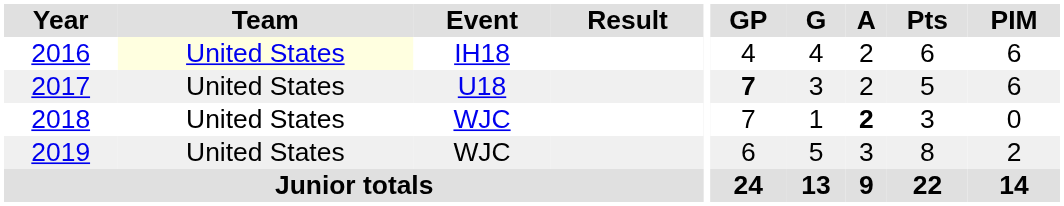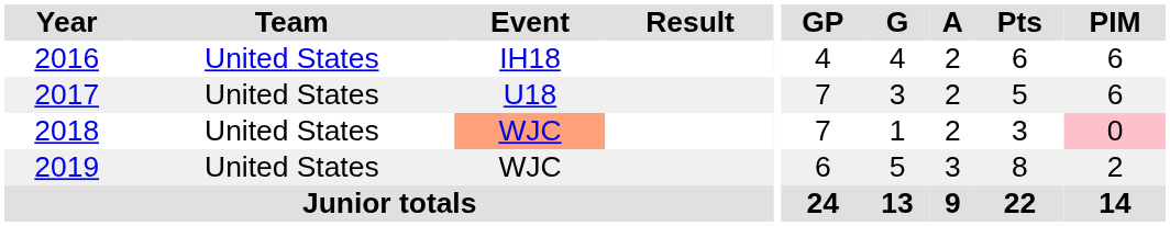 <table border="0" cellpadding="1" cellspacing="0" ID="Table3" style="text-align:center; width:40em;">
 <tr bgcolor="#e0e0e0">
 <th>Year</th>
 <th>Team</th>
 <th>Event</th>
 <th>Result</th>
 <th rowspan="99" bgcolor="#ffffff"></th>
 <th>GP</th>
 <th>G</th>
 <th>A</th>
 <th>Pts</th>
 <th>PIM</th>
 </tr>
 <tr>
 <td><a href='#'>2016</a></td>
-<td style="background: lightyellow;"><a href='#'>United States</a></td>
+<td><a href='#'>United States</a></td>
 <td><a href='#'>IH18</a></td>
 <td></td>
 <td>4</td>
 <td>4</td>
 <td>2</td>
 <td>6</td>
 <td>6</td>
 </tr>
 <tr bgcolor="#f0f0f0">
 <td><a href='#'>2017</a></td>
 <td>United States</td>
 <td><a href='#'>U18</a></td>
 <td></td>
-<td><strong>7</strong></td>
+<td>7</td>
 <td>3</td>
 <td>2</td>
 <td>5</td>
 <td>6</td>
 </tr>
 <tr>
 <td><a href='#'>2018</a></td>
 <td>United States</td>
-<td><a href='#'>WJC</a></td>
+<td style="background: lightsalmon;"><a href='#'>WJC</a></td>
 <td></td>
 <td>7</td>
 <td>1</td>
-<td><strong>2</strong></td>
+<td>2</td>
 <td>3</td>
-<td>0</td>
+<td style="background: pink;">0</td>
 </tr>
 <tr bgcolor="#f0f0f0">
 <td><a href='#'>2019</a></td>
 <td>United States</td>
 <td>WJC</td>
 <td></td>
 <td>6</td>
 <td>5</td>
 <td>3</td>
 <td>8</td>
 <td>2</td>
 </tr>
 <tr bgcolor="#e0e0e0">
 <th colspan="4">Junior totals</th>
 <th>24</th>
 <th>13</th>
 <th>9</th>
 <th>22</th>
 <th>14</th>
 </tr>
 </table>
